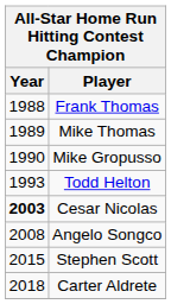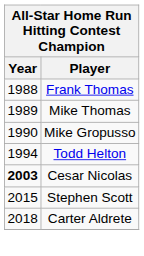 <table class="wikitable" style="display: inline-table; margin-right: 20px; text-align:center">
 <tr>
 <th scope="col" colspan="2" style="width: 145px;">All-Star Home Run Hitting Contest Champion</th>
 </tr>
 <tr>
 <th scope="col">Year</th>
 <th scope="col">Player</th>
 </tr>
 <tr>
 <td>1988</td>
 <td><a href='#'>Frank Thomas</a></td>
 </tr>
 <tr>
 <td>1989</td>
 <td>Mike Thomas</td>
 </tr>
 <tr>
 <td>1990</td>
 <td>Mike Gropusso</td>
 </tr>
 <tr>
-<td>1993</td>
+<td>1994</td>
 <td><a href='#'>Todd Helton</a></td>
 </tr>
 <tr>
 <td><strong>2003</strong></td>
 <td>Cesar Nicolas</td>
-</tr>
-<tr>
-<td>2008</td>
-<td>Angelo Songco</td>
 </tr>
 <tr>
 <td>2015</td>
 <td>Stephen Scott</td>
 </tr>
 <tr>
 <td>2018</td>
 <td>Carter Aldrete</td>
 </tr>
 <tr>
 </tr>
 </table>
